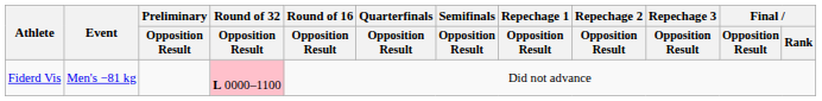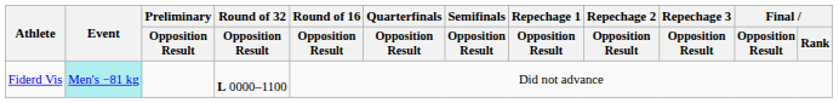 <table class="wikitable" style="font-size:90%">
 <tr>
 <th rowspan="2">Athlete</th>
 <th rowspan="2">Event</th>
 <th>Preliminary</th>
 <th>Round of 32</th>
 <th>Round of 16</th>
 <th>Quarterfinals</th>
 <th>Semifinals</th>
 <th>Repechage 1</th>
 <th>Repechage 2</th>
 <th>Repechage 3</th>
 <th colspan=2>Final / </th>
 </tr>
 <tr style="font-size:95%">
 <th>Opposition<br>Result</th>
 <th>Opposition<br>Result</th>
 <th>Opposition<br>Result</th>
 <th>Opposition<br>Result</th>
 <th>Opposition<br>Result</th>
 <th>Opposition<br>Result</th>
 <th>Opposition<br>Result</th>
 <th>Opposition<br>Result</th>
 <th>Opposition<br>Result</th>
 <th>Rank</th>
 </tr>
 <tr align=center>
 <td align=left><a href='#'>Fiderd Vis</a></td>
-<td align=left><a href='#'>Men's −81 kg</a></td>
+<td align=left style="background: paleturquoise;"><a href='#'>Men's −81 kg</a></td>
 <td></td>
-<td style="background: pink;"><br><strong>L</strong> 0000–1100</td>
+<td><br><strong>L</strong> 0000–1100</td>
 <td colspan=8>Did not advance</td>
 </tr>
 </table>
